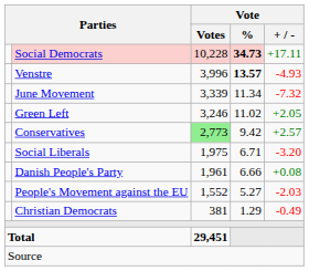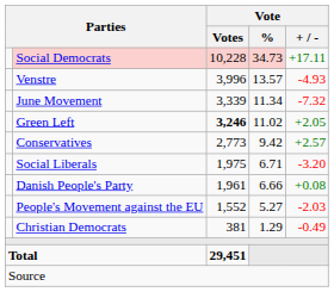 <table class="wikitable" style="text-align:right;">
 <tr>
 <th style="text-align:centre;" rowspan="2" colspan="2" width="225">Parties</th>
 <th colspan="3">Vote</th>
 </tr>
 <tr>
 <th width="15">Votes</th>
 <th width="15">%</th>
 <th width="15">+ / -</th>
 </tr>
 <tr>
 <td width="2" style="color:inherit;background:"></td>
 <td bgcolor=#fbd0ce   align="left"><a href='#'>Social Democrats</a></td>
 <td bgcolor=#fbd0ce>10,228</td>
-<td bgcolor=#fbd0ce><strong>34.73</strong></td>
+<td bgcolor=#fbd0ce>34.73</td>
 <td style=color:green;>+17.11</td>
 </tr>
 <tr>
 <td width="2" style="color:inherit;background:"></td>
 <td align="left"><a href='#'>Venstre</a></td>
 <td>3,996</td>
-<td><strong>13.57</strong></td>
+<td>13.57</td>
 <td style=color:red;>-4.93</td>
 </tr>
 <tr>
 <td width="2" style="color:inherit;background:"></td>
 <td align="left"><a href='#'>June Movement</a></td>
 <td>3,339</td>
 <td>11.34</td>
 <td style=color:red;>-7.32</td>
 </tr>
 <tr>
 <td width="2" style="color:inherit;background:"></td>
 <td align="left"><a href='#'>Green Left</a></td>
-<td>3,246</td>
+<td><strong>3,246</strong></td>
 <td>11.02</td>
 <td style=color:green;>+2.05</td>
 </tr>
 <tr>
 <td width="2" style="color:inherit;background:"></td>
 <td align="left"><a href='#'>Conservatives</a></td>
-<td style="background: lightgreen;">2,773</td>
+<td>2,773</td>
 <td>9.42</td>
 <td style=color:green;>+2.57</td>
 </tr>
 <tr>
 <td width="2" style="color:inherit;background:"></td>
 <td align="left"><a href='#'>Social Liberals</a></td>
 <td>1,975</td>
 <td>6.71</td>
 <td style=color:red;>-3.20</td>
 </tr>
 <tr>
 <td width="2" style="color:inherit;background:"></td>
 <td align="left"><a href='#'>Danish People's Party</a></td>
 <td>1,961</td>
 <td>6.66</td>
 <td style=color:green;>+0.08</td>
 </tr>
 <tr>
 <td width="2" style="color:inherit;background:"></td>
 <td align="left"><a href='#'>People's Movement against the EU</a></td>
 <td>1,552</td>
 <td>5.27</td>
 <td style=color:red;>-2.03</td>
 </tr>
 <tr>
 <td width="2" style="color:inherit;background:"></td>
 <td align="left"><a href='#'>Christian Democrats</a></td>
 <td>381</td>
 <td>1.29</td>
 <td style=color:red;>-0.49</td>
 </tr>
 <tr>
 <td colspan="7" bgcolor="#E9E9E9"></td>
 </tr>
 <tr>
 <td align="left" colspan="2"><strong>Total</strong></td>
 <td><strong>29,451</strong></td>
 <td bgcolor="#E9E9E9" colspan="2"></td>
 </tr>
 <tr>
 <td align="left" colspan="6">Source</td>
 </tr>
 </table>
